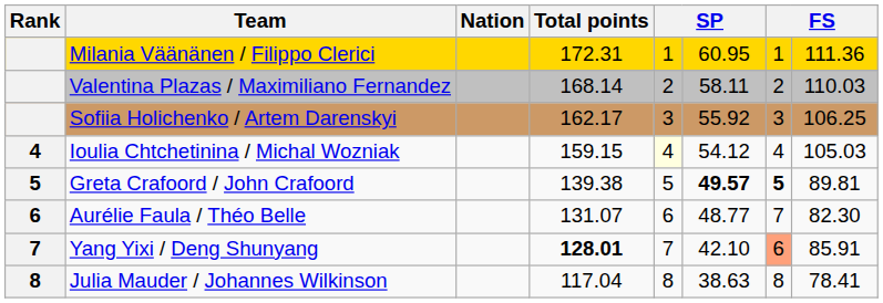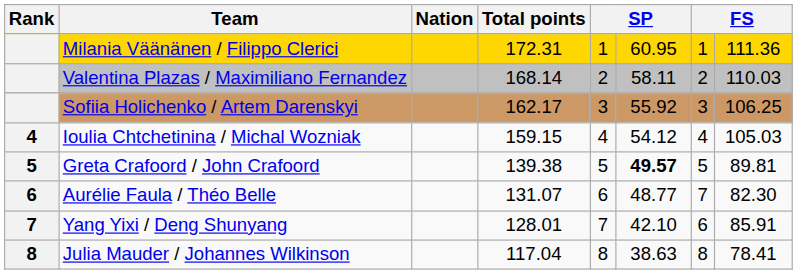 <table class="wikitable sortable" style="text-align:left">
 <tr>
 <th scope="col">Rank</th>
 <th scope="col">Team</th>
 <th scope="col">Nation</th>
 <th scope="col">Total points</th>
 <th colspan="2" scope="col" width="80px"><a href='#'>SP</a></th>
 <th colspan="2" scope="col" width="80px"><a href='#'>FS</a></th>
 </tr>
 <tr bgcolor="gold">
 <th scope="row"></th>
 <td><a href='#'>Milania Väänänen</a> / <a href='#'>Filippo Clerici</a></td>
 <td></td>
 <td align="center">172.31</td>
 <td align="center">1</td>
 <td align="center">60.95</td>
 <td align="center">1</td>
 <td align="center">111.36</td>
 </tr>
 <tr bgcolor="silver">
 <th scope="row"></th>
 <td><a href='#'>Valentina Plazas</a> / <a href='#'>Maximiliano Fernandez</a></td>
 <td></td>
 <td align="center">168.14</td>
 <td align="center">2</td>
 <td align="center">58.11</td>
 <td align="center">2</td>
 <td align="center">110.03</td>
 </tr>
 <tr bgcolor="cc9966">
 <th scope="row"></th>
 <td><a href='#'>Sofiia Holichenko</a> / <a href='#'>Artem Darenskyi</a></td>
 <td></td>
 <td align="center">162.17</td>
 <td align="center">3</td>
 <td align="center">55.92</td>
 <td align="center">3</td>
 <td align="center">106.25</td>
 </tr>
 <tr>
 <th scope="row">4</th>
 <td><a href='#'>Ioulia Chtchetinina</a> / <a href='#'>Michal Wozniak</a></td>
 <td></td>
 <td align="center">159.15</td>
-<td align="center" style="background: lightyellow;">4</td>
+<td align="center">4</td>
 <td align="center">54.12</td>
 <td align="center">4</td>
 <td align="center">105.03</td>
 </tr>
 <tr>
 <th scope="row">5</th>
 <td><a href='#'>Greta Crafoord</a> / <a href='#'>John Crafoord</a></td>
 <td></td>
 <td align="center">139.38</td>
 <td align="center">5</td>
 <td align="center"><strong>49.57</strong></td>
-<td align="center"><strong>5</strong></td>
+<td align="center">5</td>
 <td align="center">89.81</td>
 </tr>
 <tr>
 <th scope="row">6</th>
 <td><a href='#'>Aurélie Faula</a> / <a href='#'>Théo Belle</a></td>
 <td></td>
 <td align="center">131.07</td>
 <td align="center">6</td>
 <td align="center">48.77</td>
 <td align="center">7</td>
 <td align="center">82.30</td>
 </tr>
 <tr>
 <th scope="row">7</th>
 <td><a href='#'>Yang Yixi</a> / <a href='#'>Deng Shunyang</a></td>
 <td></td>
-<td align="center"><strong>128.01</strong></td>
+<td align="center">128.01</td>
 <td align="center">7</td>
 <td align="center">42.10</td>
-<td align="center" style="background: lightsalmon;">6</td>
+<td align="center">6</td>
 <td align="center">85.91</td>
 </tr>
 <tr>
 <th scope="row">8</th>
 <td><a href='#'>Julia Mauder</a> / <a href='#'>Johannes Wilkinson</a></td>
 <td></td>
 <td align="center">117.04</td>
 <td align="center">8</td>
 <td align="center">38.63</td>
 <td align="center">8</td>
 <td align="center">78.41</td>
 </tr>
 </table>
